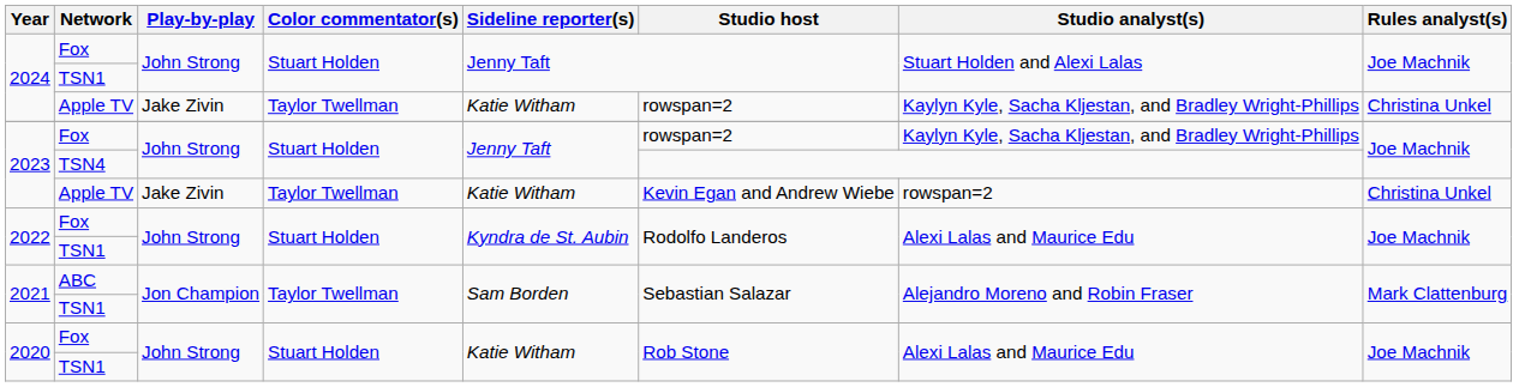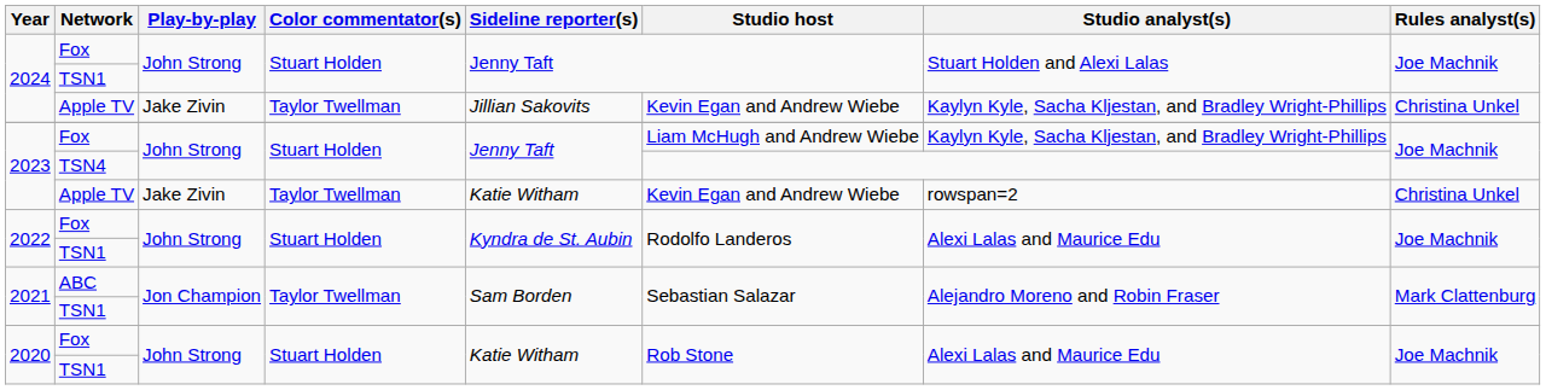 <table class="wikitable">
 <tr>
 <th>Year</th>
 <th>Network</th>
 <th><a href='#'>Play-by-play</a></th>
 <th><a href='#'>Color commentator</a>(s)</th>
 <th><a href='#'>Sideline reporter</a>(s)</th>
 <th>Studio host</th>
 <th>Studio analyst(s)</th>
 <th>Rules analyst(s)</th>
 </tr>
 <tr>
 <td rowspan=3><a href='#'>2024</a></td>
 <td><a href='#'>Fox</a></td>
 <td rowspan=2><a href='#'>John Strong</a></td>
 <td rowspan=2><a href='#'>Stuart Holden</a></td>
 <td colspan=2 rowspan=2><a href='#'>Jenny Taft</a></td>
 <td rowspan=2><a href='#'>Stuart Holden</a> and <a href='#'>Alexi Lalas</a></td>
 <td rowspan=2><a href='#'>Joe Machnik</a></td>
 </tr>
 <tr>
 <td><a href='#'>TSN1</a></td>
 </tr>
 <tr>
 <td><a href='#'>Apple TV</a></td>
 <td>Jake Zivin</td>
 <td><a href='#'>Taylor Twellman</a></td>
-<td><em>Katie Witham</em></td>
-<td>rowspan=2 </td>
+<td><em>Jillian Sakovits</em></td>
+<td><a href='#'>Kevin Egan</a> and Andrew Wiebe</td>
 <td><a href='#'>Kaylyn Kyle</a>, <a href='#'>Sacha Kljestan</a>, and <a href='#'>Bradley Wright-Phillips</a></td>
 <td><a href='#'>Christina Unkel</a></td>
 </tr>
 <tr>
 </tr>
 <tr>
 <td rowspan=3><a href='#'>2023</a></td>
 <td><a href='#'>Fox</a></td>
 <td rowspan=2><a href='#'>John Strong</a></td>
 <td rowspan=2><a href='#'>Stuart Holden</a></td>
 <td rowspan=2><em><a href='#'>Jenny Taft</a></em></td>
-<td>rowspan=2 </td>
+<td><a href='#'>Liam McHugh</a> and Andrew Wiebe</td>
 <td><a href='#'>Kaylyn Kyle</a>, <a href='#'>Sacha Kljestan</a>, and <a href='#'>Bradley Wright-Phillips</a></td>
 <td rowspan=2><a href='#'>Joe Machnik</a></td>
 </tr>
 <tr>
 <td><a href='#'>TSN4</a></td>
 </tr>
 <tr>
 <td><a href='#'>Apple TV</a></td>
 <td>Jake Zivin</td>
 <td><a href='#'>Taylor Twellman</a></td>
 <td><em>Katie Witham</em></td>
 <td><a href='#'>Kevin Egan</a> and Andrew Wiebe</td>
 <td>rowspan=2 </td>
 <td><a href='#'>Christina Unkel</a></td>
 </tr>
 <tr>
 <td rowspan=2><a href='#'>2022</a></td>
 <td><a href='#'>Fox</a></td>
 <td rowspan=2><a href='#'>John Strong</a></td>
 <td rowspan=2><a href='#'>Stuart Holden</a></td>
 <td rowspan=2><em><a href='#'>Kyndra de St. Aubin</a></em></td>
 <td rowspan=2>Rodolfo Landeros</td>
 <td rowspan=2><a href='#'>Alexi Lalas</a> and <a href='#'>Maurice Edu</a></td>
 <td rowspan=2><a href='#'>Joe Machnik</a></td>
 </tr>
 <tr>
 <td><a href='#'>TSN1</a></td>
 </tr>
 <tr>
 <td rowspan=2><a href='#'>2021</a></td>
 <td><a href='#'>ABC</a></td>
 <td rowspan=2><a href='#'>Jon Champion</a></td>
 <td rowspan=2><a href='#'>Taylor Twellman</a></td>
 <td rowspan=2><em>Sam Borden</em></td>
 <td rowspan=2>Sebastian Salazar</td>
 <td rowspan=2><a href='#'>Alejandro Moreno</a> and <a href='#'>Robin Fraser</a></td>
 <td rowspan="2"><a href='#'>Mark Clattenburg</a></td>
 </tr>
 <tr>
 <td><a href='#'>TSN1</a></td>
 </tr>
 <tr>
 <td rowspan=2><a href='#'>2020</a></td>
 <td><a href='#'>Fox</a></td>
 <td rowspan=2><a href='#'>John Strong</a></td>
 <td rowspan=2><a href='#'>Stuart Holden</a></td>
 <td rowspan=2><em>Katie Witham</em></td>
 <td rowspan=2><a href='#'>Rob Stone</a></td>
 <td rowspan=2><a href='#'>Alexi Lalas</a> and <a href='#'>Maurice Edu</a></td>
 <td rowspan="2"><a href='#'>Joe Machnik</a></td>
 </tr>
 <tr>
 <td><a href='#'>TSN1</a></td>
 </tr>
 </table>
